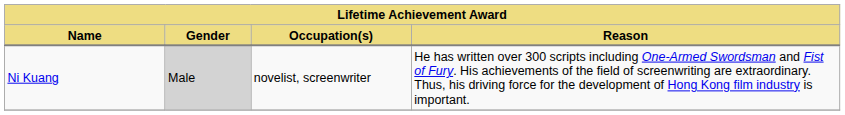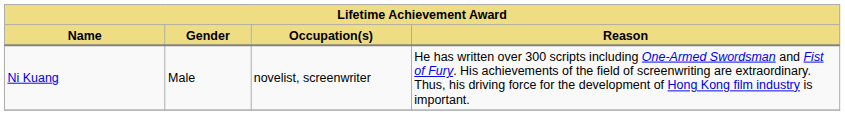 <table class="wikitable" style="font-size:small">
 <tr style="text-align:center;">
 <th colspan=4 style="background:#eedd82;">Lifetime Achievement Award</th>
 </tr>
 <tr style="text-align:center;">
 <th style="background:#eedd82;" width="15%">Name</th>
 <th style="background:#eedd82;" width="8%">Gender</th>
 <th style="background:#eedd82" width="15%">Occupation(s)</th>
 <th style="background:#eedd82;" width="40%">Reason</th>
 </tr>
 <tr style="border-top:2px solid gray;">
 <td><a href='#'>Ni Kuang</a></td>
-<td style="background: lightgrey;">Male</td>
+<td>Male</td>
 <td>novelist, screenwriter</td>
 <td>He has written over 300 scripts including <em><a href='#'>One-Armed Swordsman</a></em> and <em><a href='#'>Fist of Fury</a></em>. His achievements of the field of screenwriting are extraordinary. Thus, his driving force for the development of <a href='#'>Hong Kong film industry</a> is important.</td>
 </tr>
 <tr>
 </tr>
 </table>
